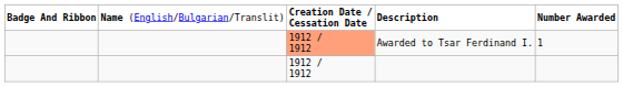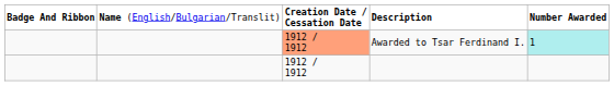 <table class="wikitable">
 <tr bgcolor="#FFFFFF">
 <td><strong>Badge And Ribbon</strong></td>
 <td><strong>Name</strong> (<a href='#'>English</a>/<a href='#'>Bulgarian</a>/Translit)</td>
 <td><strong>Creation Date /<br>Cessation Date</strong></td>
 <td><strong>Description</strong></td>
 <td><strong>Number Awarded</strong></td>
 </tr>
 <tr>
 <td></td>
 <td></td>
 <td style="background: lightsalmon;">1912 /<br>1912</td>
 <td>Awarded to Tsar Ferdinand I.</td>
-<td>1</td>
+<td style="background: paleturquoise;">1</td>
 </tr>
 <tr>
 <td></td>
 <td></td>
 <td>1912 /<br>1912</td>
 <td></td>
 <td></td>
 </tr>
 </table>
